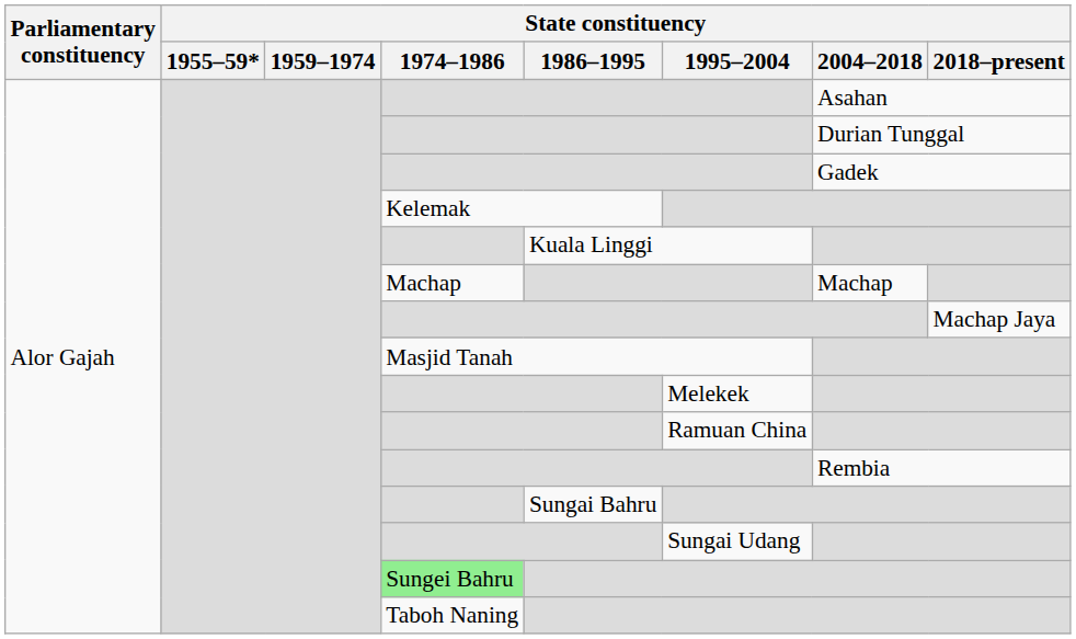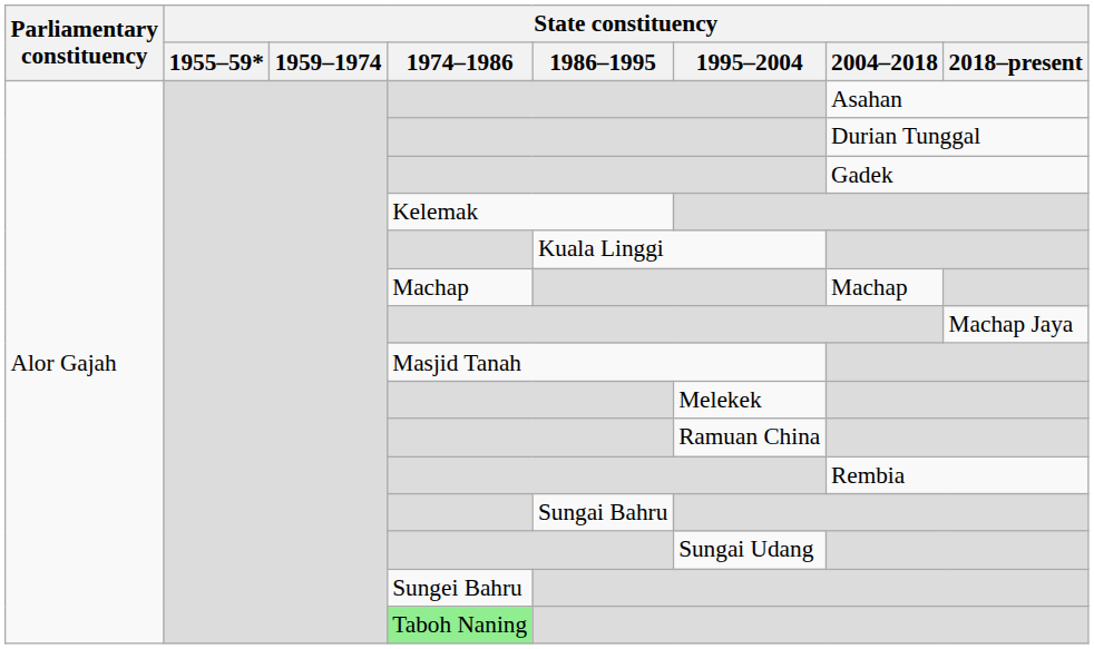 <table class="wikitable">
 <tr>
 <th rowspan="2">Parliamentary<br>constituency</th>
 <th colspan="7">State constituency</th>
 </tr>
 <tr>
 <th>1955–59*</th>
 <th>1959–1974</th>
 <th>1974–1986</th>
 <th>1986–1995</th>
 <th>1995–2004</th>
 <th>2004–2018</th>
 <th>2018–present</th>
 </tr>
 <tr>
 <td rowspan="15">Alor Gajah</td>
 <td colspan="2" rowspan="15" bgcolor="dcdcdc"></td>
 <td colspan="3" bgcolor="dcdcdc"></td>
 <td colspan="2">Asahan</td>
 </tr>
 <tr>
 <td colspan="3" bgcolor="dcdcdc"></td>
 <td colspan="2">Durian Tunggal</td>
 </tr>
 <tr>
 <td colspan="3" bgcolor="dcdcdc"></td>
 <td colspan="2">Gadek</td>
 </tr>
 <tr>
 <td colspan="2">Kelemak</td>
 <td colspan="3" bgcolor="dcdcdc"></td>
 </tr>
 <tr>
 <td bgcolor="dcdcdc"></td>
 <td colspan="2">Kuala Linggi</td>
 <td colspan="2" bgcolor="dcdcdc"></td>
 </tr>
 <tr>
 <td>Machap</td>
 <td colspan="2" bgcolor="dcdcdc"></td>
 <td>Machap</td>
 <td bgcolor="dcdcdc"></td>
 </tr>
 <tr>
 <td colspan="4" bgcolor="dcdcdc"></td>
 <td>Machap Jaya</td>
 </tr>
 <tr>
 <td colspan="3">Masjid Tanah</td>
 <td colspan="2" bgcolor="dcdcdc"></td>
 </tr>
 <tr>
 <td colspan="2" bgcolor="dcdcdc"></td>
 <td>Melekek</td>
 <td colspan="2" bgcolor="dcdcdc"></td>
 </tr>
 <tr>
 <td colspan="2" bgcolor="dcdcdc"></td>
 <td>Ramuan China</td>
 <td colspan="2" bgcolor="dcdcdc"></td>
 </tr>
 <tr>
 <td colspan="3" bgcolor="dcdcdc"></td>
 <td colspan="2">Rembia</td>
 </tr>
 <tr>
 <td bgcolor="dcdcdc"></td>
 <td>Sungai Bahru</td>
 <td colspan="3" bgcolor="dcdcdc"></td>
 </tr>
 <tr>
 <td colspan="2" bgcolor="dcdcdc"></td>
 <td>Sungai Udang</td>
 <td colspan="2" bgcolor="dcdcdc"></td>
 </tr>
 <tr>
-<td style="background: lightgreen;">Sungei Bahru</td>
+<td>Sungei Bahru</td>
 <td colspan="4" bgcolor="dcdcdc"></td>
 </tr>
 <tr>
-<td>Taboh Naning</td>
+<td style="background: lightgreen;">Taboh Naning</td>
 <td colspan="4" bgcolor="dcdcdc"></td>
 </tr>
 </table>
